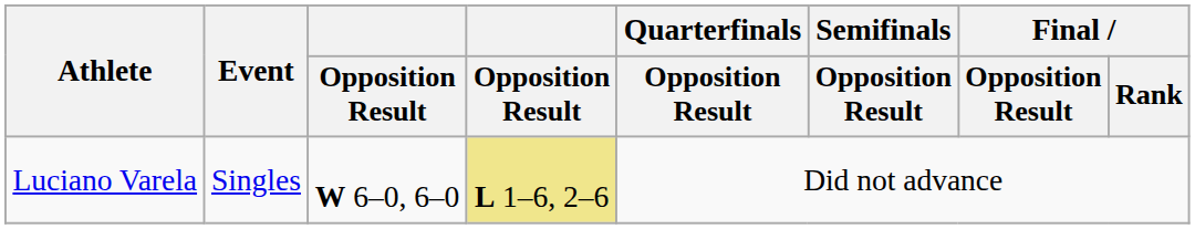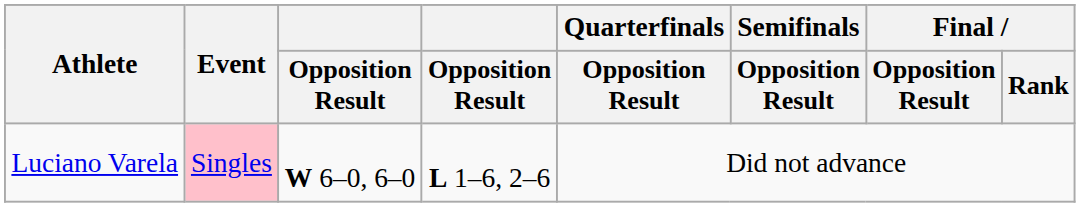 <table class="wikitable" style="font-size:90%;">
 <tr>
 <th rowspan=2>Athlete</th>
 <th rowspan=2>Event</th>
 <th></th>
 <th></th>
 <th>Quarterfinals</th>
 <th>Semifinals</th>
 <th colspan=2>Final / </th>
 </tr>
 <tr style="font-size:95%">
 <th>Opposition<br>Result</th>
 <th>Opposition<br>Result</th>
 <th>Opposition<br>Result</th>
 <th>Opposition<br>Result</th>
 <th>Opposition<br>Result</th>
 <th>Rank</th>
 </tr>
 <tr align=center>
 <td align=left><a href='#'>Luciano Varela</a></td>
-<td align=left><a href='#'>Singles</a></td>
+<td align=left style="background: pink;"><a href='#'>Singles</a></td>
 <td><br><strong>W</strong> 6–0, 6–0</td>
-<td style="background: khaki;"><br><strong>L</strong> 1–6, 2–6</td>
+<td><br><strong>L</strong> 1–6, 2–6</td>
 <td colspan=4>Did not advance</td>
 </tr>
 </table>
